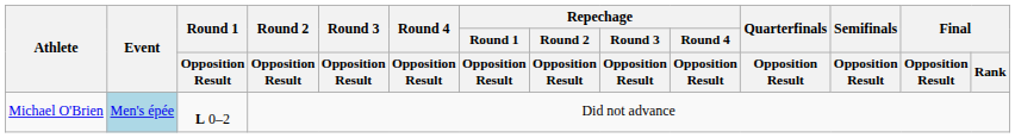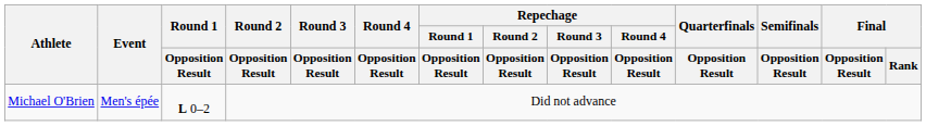 <table class="wikitable" style="font-size:85%">
 <tr>
 <th rowspan="3">Athlete</th>
 <th rowspan="3">Event</th>
 <th rowspan="2">Round 1</th>
 <th rowspan="2">Round 2</th>
 <th rowspan="2">Round 3</th>
 <th rowspan="2">Round 4</th>
 <th colspan=4>Repechage</th>
 <th rowspan="2">Quarterfinals</th>
 <th rowspan="2">Semifinals</th>
 <th rowspan="2" colspan=2>Final</th>
 </tr>
 <tr style="font-size:95%">
 <th>Round 1</th>
 <th>Round 2</th>
 <th>Round 3</th>
 <th>Round 4</th>
 </tr>
 <tr style="font-size:95%">
 <th>Opposition<br>Result</th>
 <th>Opposition<br>Result</th>
 <th>Opposition<br>Result</th>
 <th>Opposition<br>Result</th>
 <th>Opposition<br>Result</th>
 <th>Opposition<br>Result</th>
 <th>Opposition<br>Result</th>
 <th>Opposition<br>Result</th>
 <th>Opposition<br>Result</th>
 <th>Opposition<br>Result</th>
 <th>Opposition<br>Result</th>
 <th>Rank</th>
 </tr>
 <tr align=center>
 <td align=left><a href='#'>Michael O'Brien</a></td>
-<td align=left style="background: lightblue;"><a href='#'>Men's épée</a></td>
+<td align=left><a href='#'>Men's épée</a></td>
 <td><br><strong>L</strong> 0–2</td>
 <td colspan=11>Did not advance</td>
 </tr>
 </table>
